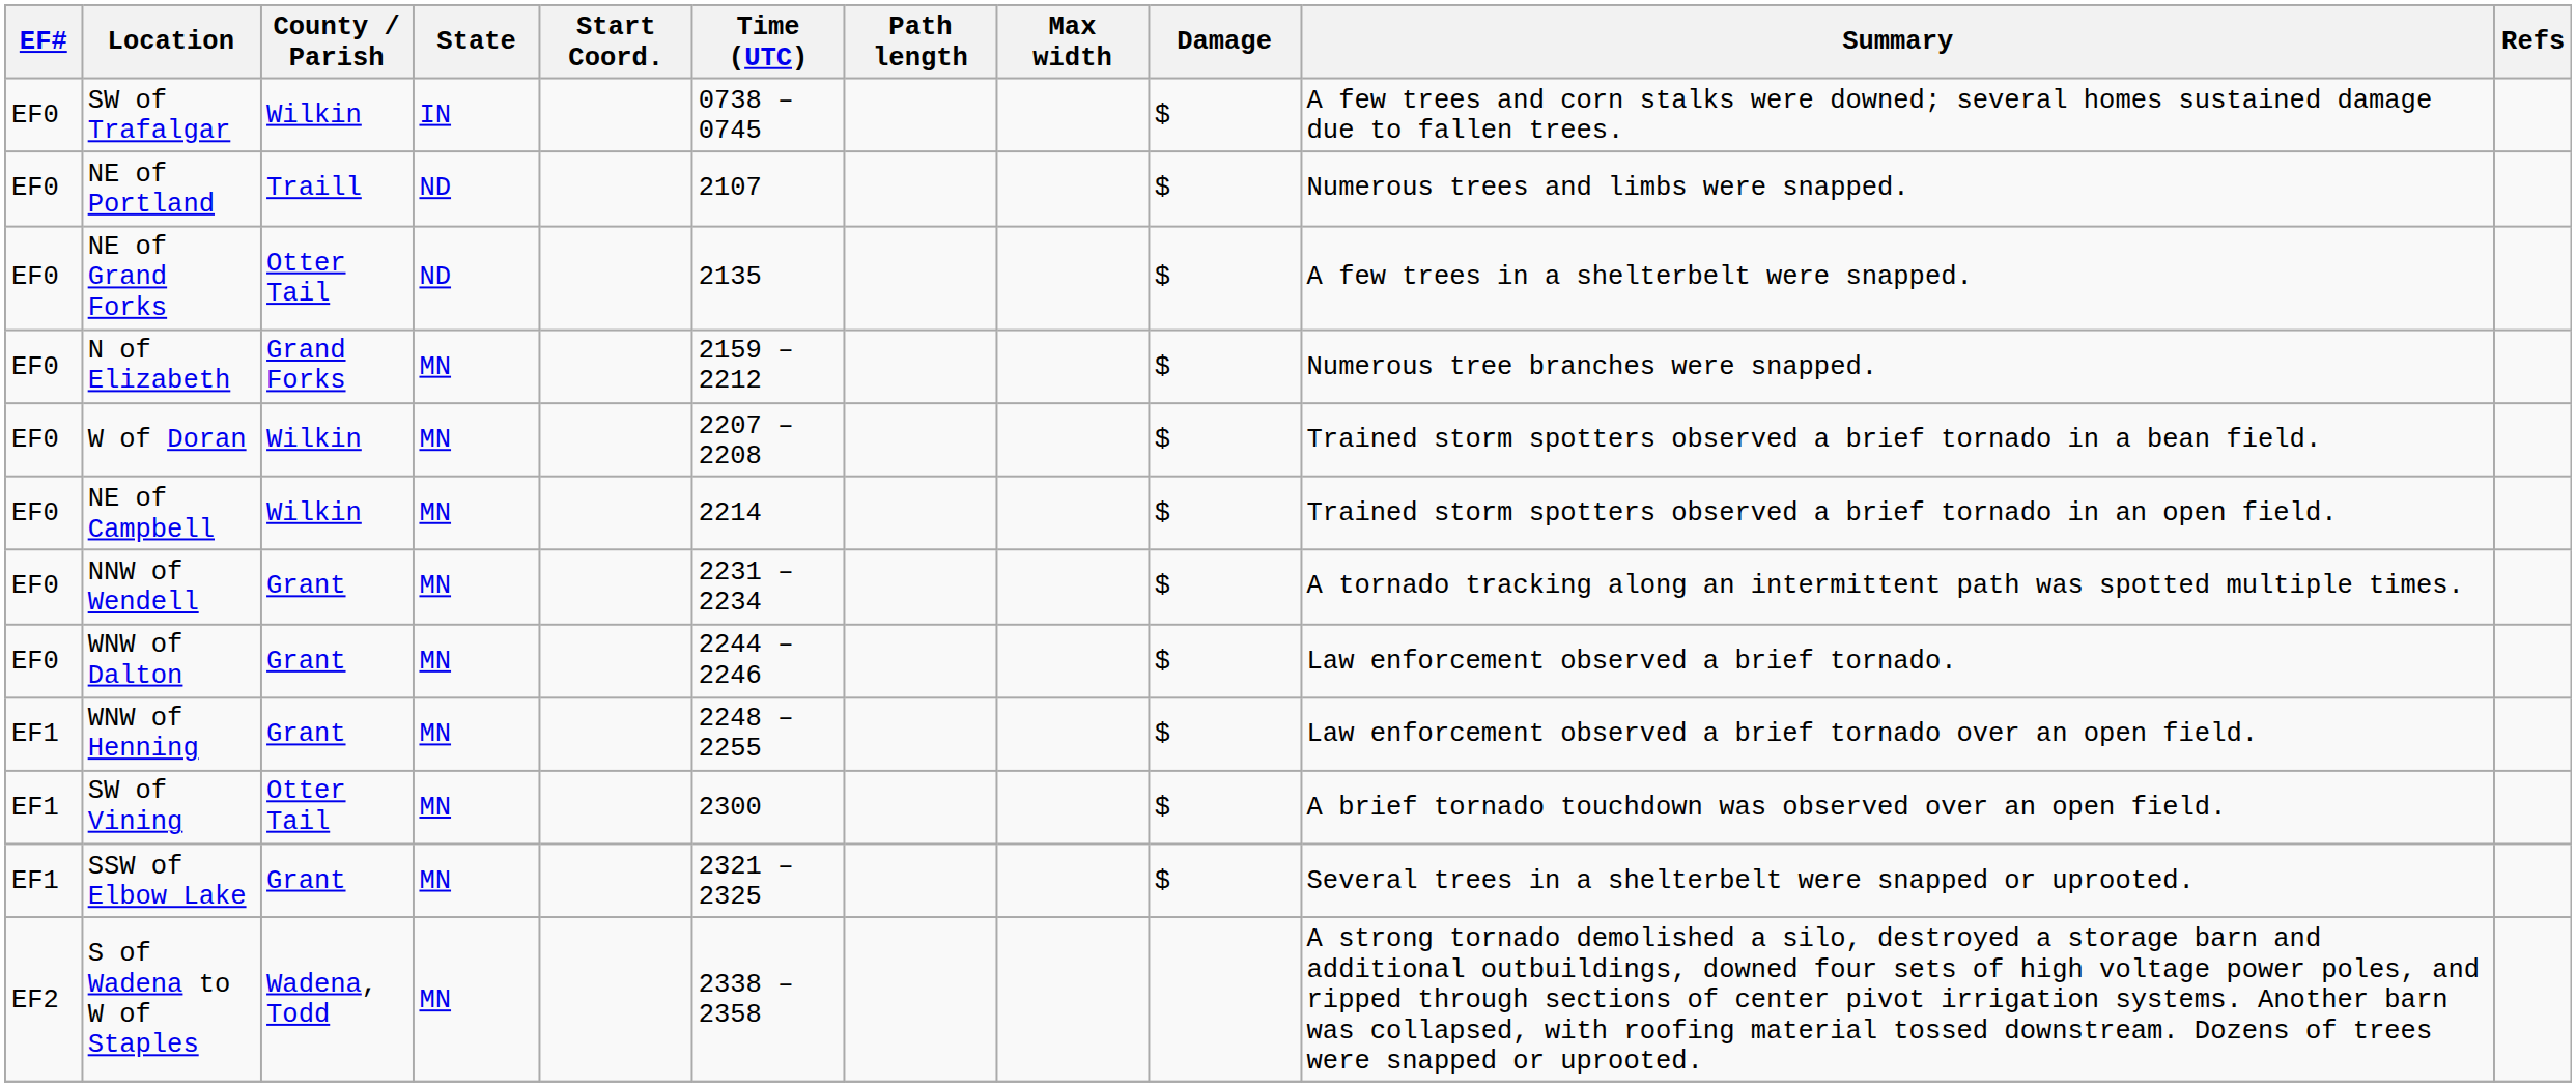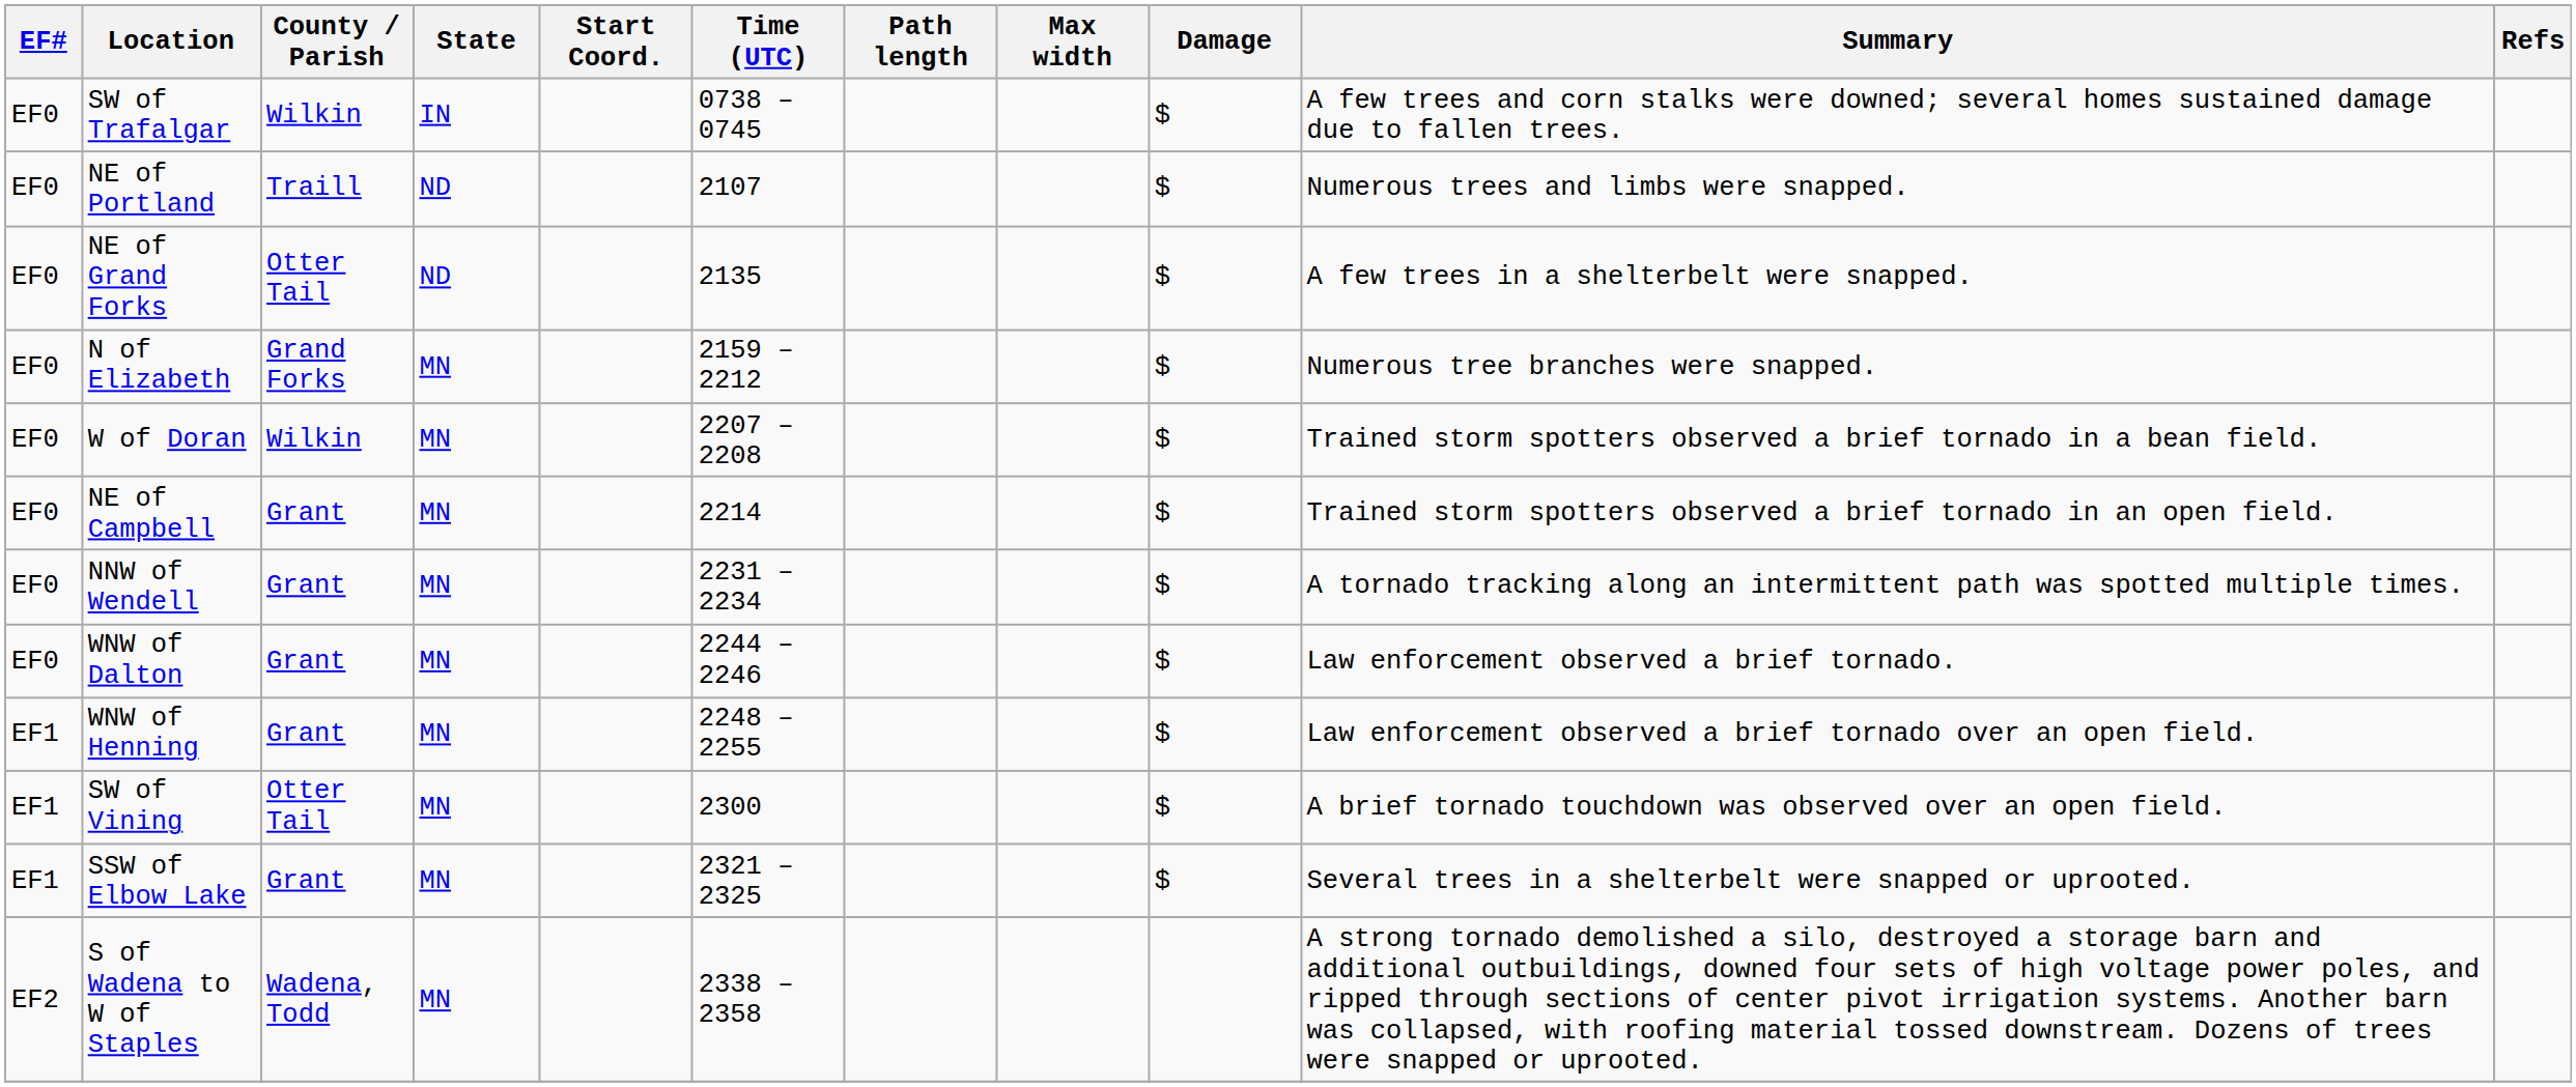 <table class="wikitable sortable" style="width:100%;">
 <tr>
 <th scope="col" width="3%" align="center"><a href='#'>EF#</a></th>
 <th scope="col" width="7%" align="center" class="unsortable">Location</th>
 <th scope="col" width="6%" align="center" class="unsortable">County / Parish</th>
 <th scope="col" width="5%" align="center">State</th>
 <th scope="col" width="6%" align="center">Start Coord.</th>
 <th scope="col" width="6%" align="center">Time (<a href='#'>UTC</a>)</th>
 <th scope="col" width="6%" align="center">Path length</th>
 <th scope="col" width="6%" align="center">Max width</th>
 <th scope="col" width="6%" align="center">Damage</th>
 <th scope="col" width="48%" class="unsortable" align="center">Summary</th>
 <th scope="col" width="48%" class="unsortable" align="center">Refs</th>
 </tr>
 <tr>
 <td>EF0</td>
 <td>SW of <a href='#'>Trafalgar</a></td>
 <td><a href='#'>Wilkin</a></td>
 <td><a href='#'>IN</a></td>
 <td></td>
 <td>0738 – 0745</td>
 <td></td>
 <td></td>
 <td>$</td>
 <td>A few trees and corn stalks were downed; several homes sustained damage due to fallen trees.</td>
 <td></td>
 </tr>
 <tr>
 <td>EF0</td>
 <td>NE of <a href='#'>Portland</a></td>
 <td><a href='#'>Traill</a></td>
 <td><a href='#'>ND</a></td>
 <td></td>
 <td>2107</td>
 <td></td>
 <td></td>
 <td>$</td>
 <td>Numerous trees and limbs were snapped.</td>
 <td></td>
 </tr>
 <tr>
 <td>EF0</td>
 <td>NE of <a href='#'>Grand Forks</a></td>
 <td><a href='#'>Otter Tail</a></td>
 <td><a href='#'>ND</a></td>
 <td></td>
 <td>2135</td>
 <td></td>
 <td></td>
 <td>$</td>
 <td>A few trees in a shelterbelt were snapped.</td>
 <td></td>
 </tr>
 <tr>
 <td>EF0</td>
 <td>N of <a href='#'>Elizabeth</a></td>
 <td><a href='#'>Grand Forks</a></td>
 <td><a href='#'>MN</a></td>
 <td></td>
 <td>2159 – 2212</td>
 <td></td>
 <td></td>
 <td>$</td>
 <td>Numerous tree branches were snapped.</td>
 <td></td>
 </tr>
 <tr>
 <td>EF0</td>
 <td>W of <a href='#'>Doran</a></td>
 <td><a href='#'>Wilkin</a></td>
 <td><a href='#'>MN</a></td>
 <td></td>
 <td>2207 – 2208</td>
 <td></td>
 <td></td>
 <td>$</td>
 <td>Trained storm spotters observed a brief tornado in a bean field.</td>
 <td></td>
 </tr>
 <tr>
 <td>EF0</td>
 <td>NE of <a href='#'>Campbell</a></td>
-<td><a href='#'>Wilkin</a></td>
+<td><a href='#'>Grant</a></td>
 <td><a href='#'>MN</a></td>
 <td></td>
 <td>2214</td>
 <td></td>
 <td></td>
 <td>$</td>
 <td>Trained storm spotters observed a brief tornado in an open field.</td>
 <td></td>
 </tr>
 <tr>
 <td>EF0</td>
 <td>NNW of <a href='#'>Wendell</a></td>
 <td><a href='#'>Grant</a></td>
 <td><a href='#'>MN</a></td>
 <td></td>
 <td>2231 – 2234</td>
 <td></td>
 <td></td>
 <td>$</td>
 <td>A tornado tracking along an intermittent path was spotted multiple times.</td>
 <td></td>
 </tr>
 <tr>
 <td>EF0</td>
 <td>WNW of <a href='#'>Dalton</a></td>
 <td><a href='#'>Grant</a></td>
 <td><a href='#'>MN</a></td>
 <td></td>
 <td>2244 – 2246</td>
 <td></td>
 <td></td>
 <td>$</td>
 <td>Law enforcement observed a brief tornado.</td>
 <td></td>
 </tr>
 <tr>
 <td>EF1</td>
 <td>WNW of <a href='#'>Henning</a></td>
 <td><a href='#'>Grant</a></td>
 <td><a href='#'>MN</a></td>
 <td></td>
 <td>2248 – 2255</td>
 <td></td>
 <td></td>
 <td>$</td>
 <td>Law enforcement observed a brief tornado over an open field.</td>
 <td></td>
 </tr>
 <tr>
 <td>EF1</td>
 <td>SW of <a href='#'>Vining</a></td>
 <td><a href='#'>Otter Tail</a></td>
 <td><a href='#'>MN</a></td>
 <td></td>
 <td>2300</td>
 <td></td>
 <td></td>
 <td>$</td>
 <td>A brief tornado touchdown was observed over an open field.</td>
 <td></td>
 </tr>
 <tr>
 <td>EF1</td>
 <td>SSW of <a href='#'>Elbow Lake</a></td>
 <td><a href='#'>Grant</a></td>
 <td><a href='#'>MN</a></td>
 <td></td>
 <td>2321 – 2325</td>
 <td></td>
 <td></td>
 <td>$</td>
 <td>Several trees in a shelterbelt were snapped or uprooted.</td>
 <td></td>
 </tr>
 <tr>
 <td>EF2</td>
 <td>S of <a href='#'>Wadena</a> to W of <a href='#'>Staples</a></td>
 <td><a href='#'>Wadena</a>, <a href='#'>Todd</a></td>
 <td><a href='#'>MN</a></td>
 <td></td>
 <td>2338 – 2358</td>
 <td></td>
 <td></td>
 <td></td>
 <td>A strong tornado demolished a silo, destroyed a storage barn and additional outbuildings, downed four sets of high voltage power poles, and ripped through sections of center pivot irrigation systems. Another barn was collapsed, with roofing material tossed  downstream. Dozens of trees were snapped or uprooted.</td>
 <td></td>
 </tr>
 <tr>
 </tr>
 </table>
